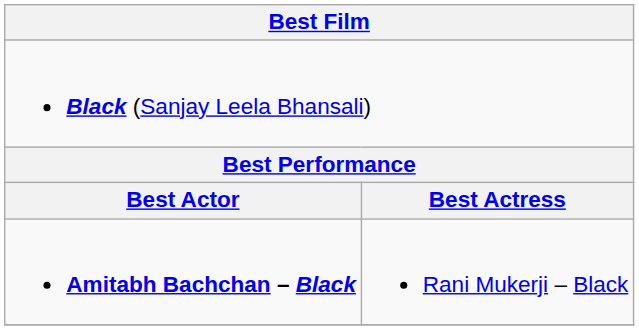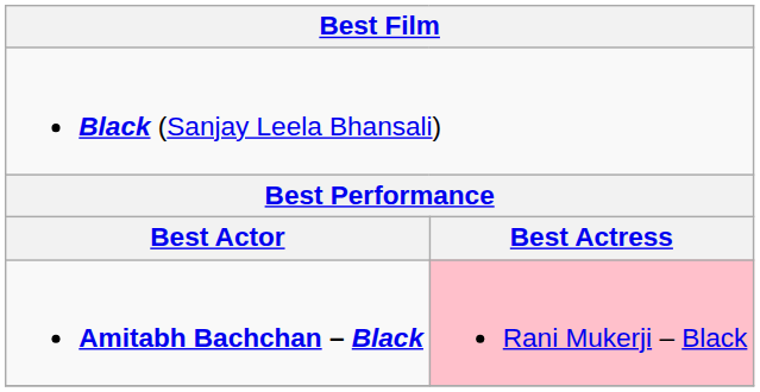 <table class="wikitable">
 <tr>
 <th colspan=2><a href='#'>Best Film</a></th>
 </tr>
 <tr>
 <td colspan=2><br><ul><li><strong><em><a href='#'>Black</a></em></strong> (<a href='#'>Sanjay Leela Bhansali</a>)</li></ul></td>
 </tr>
 <tr>
 <th colspan=2><a href='#'>Best Performance</a></th>
 </tr>
 <tr>
 <th><a href='#'>Best Actor</a></th>
 <th><a href='#'>Best Actress</a></th>
 </tr>
 <tr>
 <td><br><ul><li><strong><a href='#'>Amitabh Bachchan</a> – <em><a href='#'>Black</a><strong><em></li></ul></td>
-<td><br><ul><li></strong><a href='#'>Rani Mukerji</a> – </em><a href='#'>Black</a></em></strong></li></ul></td>
+<td style="background: pink;"><br><ul><li></strong><a href='#'>Rani Mukerji</a> – </em><a href='#'>Black</a></em></strong></li></ul></td>
 </tr>
 <tr>
 </tr>
 </table>
